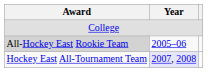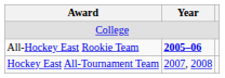 <table class="wikitable">
 <tr>
 <th>Award</th>
 <th>Year</th>
 <th></th>
 </tr>
 <tr ALIGN="center" bgcolor="#e0e0e0">
 <td colspan="3"><a href='#'>College</a></td>
 </tr>
 <tr>
-<td style="background: lightgrey;">All-<a href='#'>Hockey East</a> <a href='#'>Rookie Team</a></td>
-<td><a href='#'>2005–06</a></td>
+<td>All-<a href='#'>Hockey East</a> <a href='#'>Rookie Team</a></td>
+<td><strong><a href='#'>2005–06</a></strong></td>
 <td></td>
 </tr>
 <tr>
 <td><a href='#'>Hockey East</a> <a href='#'>All-Tournament Team</a></td>
-<td style="background: lavender;"><a href='#'>2007</a>, <a href='#'>2008</a></td>
+<td><a href='#'>2007</a>, <a href='#'>2008</a></td>
 <td></td>
 </tr>
 </table>
